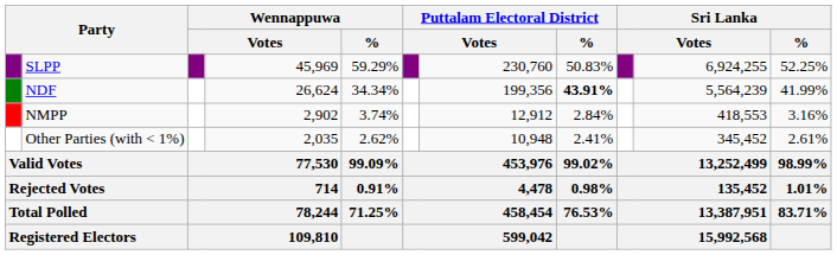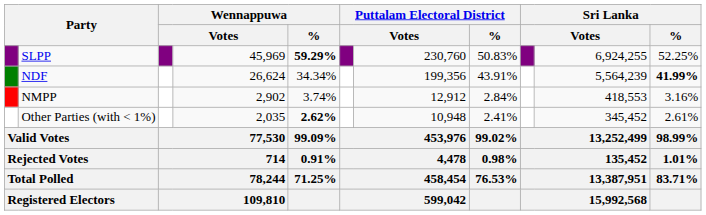 <table class="wikitable">
 <tr>
 <th colspan="2" width="144px"rowspan="2">Party</th>
 <th colspan="3" width="216px">Wennappuwa</th>
 <th colspan="3" width="216px"><a href='#'>Puttalam Electoral District</a></th>
 <th colspan="3" width="216px">Sri Lanka</th>
 </tr>
 <tr>
 <th colspan="2" width="144px">Votes</th>
 <th>%</th>
 <th colspan="2" width="144px">Votes</th>
 <th>%</th>
 <th colspan="2" width="144px">Votes</th>
 <th>%</th>
 </tr>
 <tr>
 <td style="background-color:purple;" width="10px"></td>
 <td style="text-align:left;"><a href='#'>SLPP</a></td>
 <td style="background-color:purple;" width="10px"></td>
 <td style="text-align:right;">45,969</td>
-<td style="text-align:right;">59.29%</td>
+<td style="text-align:right;"><strong>59.29%</strong></td>
 <td style="background-color:purple;" width="10px"></td>
 <td style="text-align:right;">230,760</td>
 <td style="text-align:right;">50.83%</td>
 <td style="background-color:purple;" width="10px"></td>
 <td style="text-align:right;">6,924,255</td>
 <td style="text-align:right;">52.25%</td>
 </tr>
 <tr>
 <td style="background-color:green;" width="10px"></td>
 <td style="text-align:left;"><a href='#'>NDF</a></td>
 <td style="background-color:white;" width="10px"></td>
 <td style="text-align:right;">26,624</td>
 <td style="text-align:right;">34.34%</td>
 <td style="background-color:white;" width="10px"></td>
 <td style="text-align:right;">199,356</td>
-<td style="text-align:right;"><strong>43.91%</strong></td>
+<td style="text-align:right;">43.91%</td>
 <td style="background-color:white;" width="10px"></td>
 <td style="text-align:right;">5,564,239</td>
-<td style="text-align:right;">41.99%</td>
+<td style="text-align:right;"><strong>41.99%</strong></td>
 </tr>
 <tr>
 <td style="background-color:red;" width="10px"></td>
 <td style="text-align:left;">NMPP</td>
 <td style="background-color:white;" width="10px"></td>
 <td style="text-align:right;">2,902</td>
 <td style="text-align:right;">3.74%</td>
 <td style="background-color:white;" width="10px"></td>
 <td style="text-align:right;">12,912</td>
 <td style="text-align:right;">2.84%</td>
 <td style="background-color:white;" width="10px"></td>
 <td style="text-align:right;">418,553</td>
 <td style="text-align:right;">3.16%</td>
 </tr>
 <tr>
 <td style="background-color:white;" width="10px"></td>
 <td style="text-align:left;">Other Parties (with < 1%)</td>
 <td style="background-color:white;" width="10px"></td>
 <td style="text-align:right;">2,035</td>
-<td style="text-align:right;">2.62%</td>
+<td style="text-align:right;"><strong>2.62%</strong></td>
 <td style="background-color:white;" width="10px"></td>
 <td style="text-align:right;">10,948</td>
 <td style="text-align:right;">2.41%</td>
 <td style="background-color:white;" width="10px"></td>
 <td style="text-align:right;">345,452</td>
 <td style="text-align:right;">2.61%</td>
 </tr>
 <tr>
 <th colspan="2" width="144px"style="text-align:left;">Valid Votes</th>
 <th style="text-align:right;"colspan="2" width="144px">77,530</th>
 <th style="text-align:right;">99.09%</th>
 <th style="text-align:right;"colspan="2" width="144px">453,976</th>
 <th style="text-align:right;">99.02%</th>
 <th style="text-align:right;"colspan="2" width="144px">13,252,499</th>
 <th style="text-align:right;">98.99%</th>
 </tr>
 <tr>
 <th colspan="2" width="144px"style="text-align:left;">Rejected Votes</th>
 <th style="text-align:right;"colspan="2" width="144px">714</th>
 <th style="text-align:right;">0.91%</th>
 <th style="text-align:right;"colspan="2" width="144px">4,478</th>
 <th style="text-align:right;">0.98%</th>
 <th style="text-align:right;"colspan="2" width="144px">135,452</th>
 <th style="text-align:right;">1.01%</th>
 </tr>
 <tr>
 <th colspan="2" width="144px"style="text-align:left;">Total Polled</th>
 <th style="text-align:right;"colspan="2" width="144px">78,244</th>
 <th style="text-align:right;">71.25%</th>
 <th style="text-align:right;"colspan="2" width="144px">458,454</th>
 <th style="text-align:right;">76.53%</th>
 <th style="text-align:right;"colspan="2" width="144px">13,387,951</th>
 <th style="text-align:right;">83.71%</th>
 </tr>
 <tr>
 <th colspan="2" width="144px"style="text-align:left;">Registered Electors</th>
 <th style="text-align:right;"colspan="2" width="144px">109,810</th>
 <th></th>
 <th style="text-align:right;"colspan="2" width="144px">599,042</th>
 <th></th>
 <th style="text-align:right;"colspan="2" width="144px">15,992,568</th>
 <th></th>
 </tr>
 </table>
